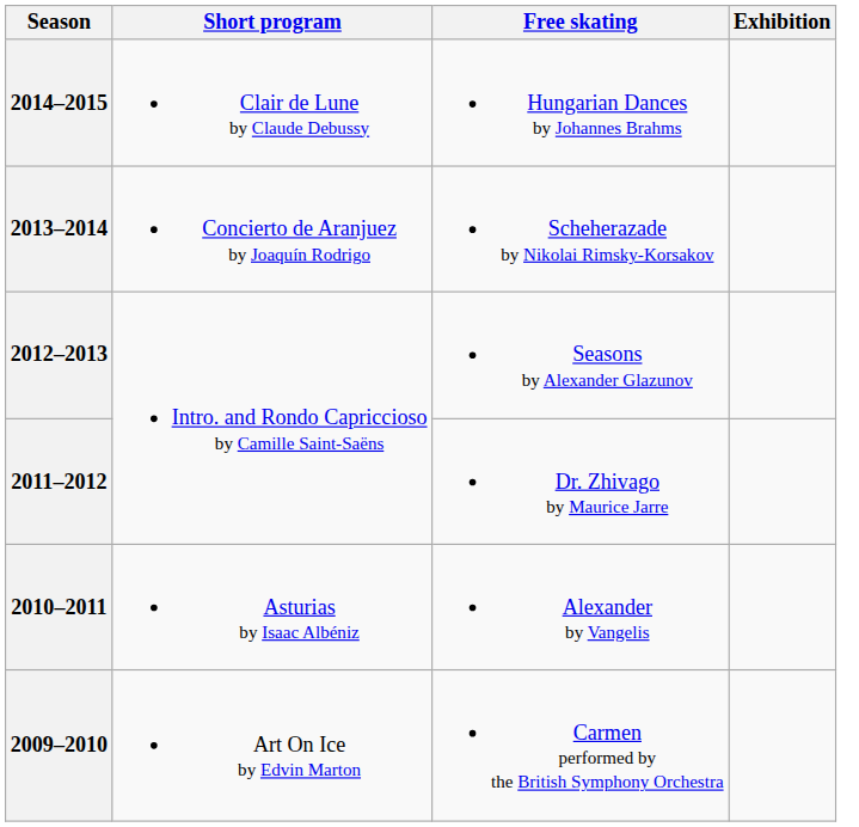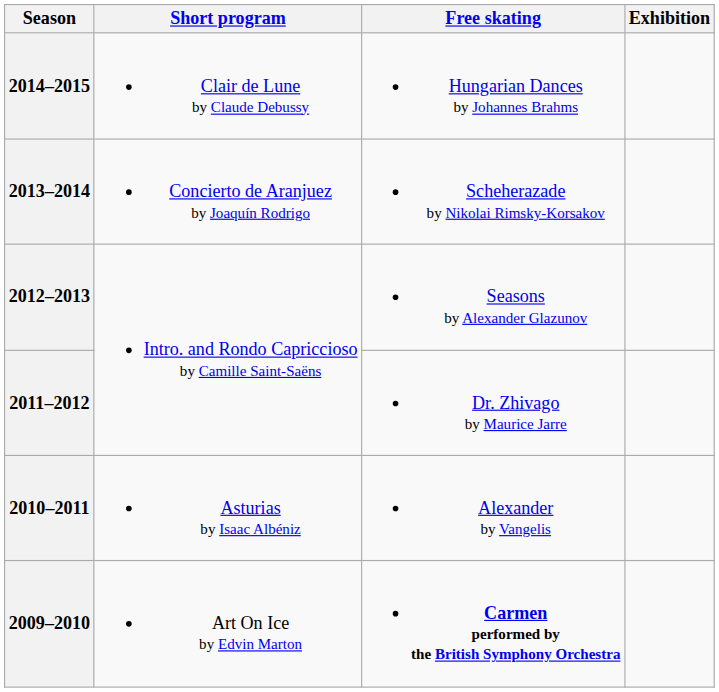 <table class=wikitable style=text-align:center>
 <tr>
 <th>Season</th>
 <th><a href='#'>Short program</a></th>
 <th><a href='#'>Free skating</a></th>
 <th>Exhibition</th>
 </tr>
 <tr>
 <th>2014–2015 <br> </th>
 <td><br><ul><li><a href='#'>Clair de Lune</a> <br><small> by <a href='#'>Claude Debussy</a> </small></li></ul></td>
 <td><br><ul><li><a href='#'>Hungarian Dances</a> <br><small> by <a href='#'>Johannes Brahms</a> </small></li></ul></td>
 <td></td>
 </tr>
 <tr>
 <th>2013–2014 <br> </th>
 <td><br><ul><li><a href='#'>Concierto de Aranjuez</a> <br><small> by <a href='#'>Joaquín Rodrigo</a> </small></li></ul></td>
 <td><br><ul><li><a href='#'>Scheherazade</a> <br><small> by <a href='#'>Nikolai Rimsky-Korsakov</a> </small></li></ul></td>
 <td></td>
 </tr>
 <tr>
 <th>2012–2013 <br> </th>
 <td rowspan=2><br><ul><li><a href='#'>Intro. and Rondo Capriccioso</a> <br><small> by <a href='#'>Camille Saint-Saëns</a> </small></li></ul></td>
 <td><br><ul><li><a href='#'>Seasons</a> <br><small> by <a href='#'>Alexander Glazunov</a> </small></li></ul></td>
 <td></td>
 </tr>
 <tr>
 <th>2011–2012 <br> </th>
 <td><br><ul><li><a href='#'>Dr. Zhivago</a> <br><small> by <a href='#'>Maurice Jarre</a> </small></li></ul></td>
 <td></td>
 </tr>
 <tr>
 <th>2010–2011 <br> </th>
 <td><br><ul><li><a href='#'>Asturias</a> <br><small> by <a href='#'>Isaac Albéniz</a> </small></li></ul></td>
 <td><br><ul><li><a href='#'>Alexander</a> <br><small> by <a href='#'>Vangelis</a> </small></li></ul></td>
 <td></td>
 </tr>
 <tr>
 <th>2009–2010 <br> </th>
 <td><br><ul><li>Art On Ice <br><small> by <a href='#'>Edvin Marton</a> </small></li></ul></td>
-<td><br><ul><li><a href='#'>Carmen</a> <br><small> performed by <br> the <a href='#'>British Symphony Orchestra</a> </small></li></ul></td>
+<td><strong><br><ul><li><a href='#'>Carmen</a> <br><small> performed by <br> the <a href='#'>British Symphony Orchestra</a> </small></li></ul></strong></td>
 <td></td>
 </tr>
 </table>
